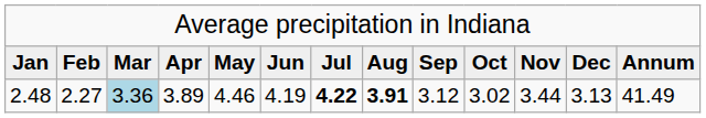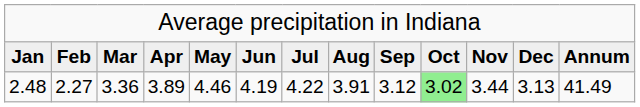 <table class="wikitable" "text-align:center;font-size:90%;"|>
 <tr>
 <td colspan="13" style="text-align:center;font-size:120%;">Average precipitation in Indiana</td>
 </tr>
 <tr>
 <th style="background:#efefef; color:#000;">Jan</th>
 <th style="background:#efefef; color:#000;">Feb</th>
 <th style="background:#efefef; color:#000;">Mar</th>
 <th style="background:#efefef; color:#000;">Apr</th>
 <th style="background:#efefef; color:#000;">May</th>
 <th style="background:#efefef; color:#000;">Jun</th>
 <th style="background:#efefef; color:#000;">Jul</th>
 <th style="background:#efefef; color:#000;">Aug</th>
 <th style="background:#efefef; color:#000;">Sep</th>
 <th style="background:#efefef; color:#000;">Oct</th>
 <th style="background:#efefef; color:#000;">Nov</th>
 <th style="background:#efefef; color:#000;">Dec</th>
 <th style="background:#efefef; color:#000;">Annum</th>
 </tr>
 <tr>
 <td>2.48</td>
 <td>2.27</td>
-<td style="background: lightblue;">3.36</td>
+<td>3.36</td>
 <td>3.89</td>
 <td>4.46</td>
 <td>4.19</td>
-<td><strong>4.22</strong></td>
-<td><strong>3.91</strong></td>
+<td>4.22</td>
+<td>3.91</td>
 <td>3.12</td>
-<td>3.02</td>
+<td style="background: lightgreen;">3.02</td>
 <td>3.44</td>
 <td>3.13</td>
 <td>41.49</td>
 </tr>
 </table>
